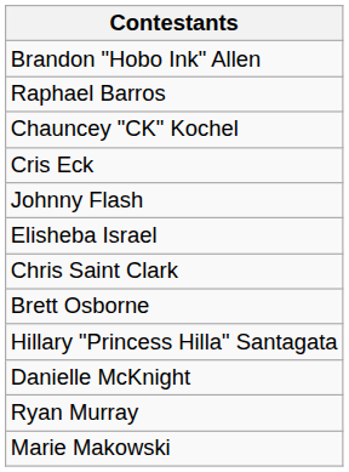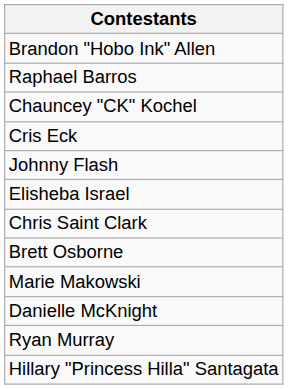 <table class="wikitable">
 <tr>
 <th>Contestants</th>
 </tr>
 <tr>
 <td>Brandon "Hobo Ink" Allen</td>
 </tr>
 <tr>
 <td>Raphael Barros</td>
 </tr>
 <tr>
 <td>Chauncey "CK" Kochel</td>
 </tr>
 <tr>
 <td>Cris Eck</td>
 </tr>
 <tr>
 <td>Johnny Flash</td>
 </tr>
 <tr>
 <td>Elisheba Israel</td>
 </tr>
 <tr>
 <td>Chris Saint Clark</td>
 </tr>
 <tr>
 <td>Brett Osborne</td>
 </tr>
 <tr>
-<td>Hillary "Princess Hilla" Santagata</td>
+<td>Marie Makowski</td>
 </tr>
 <tr>
 <td>Danielle McKnight</td>
 </tr>
 <tr>
 <td>Ryan Murray</td>
 </tr>
 <tr>
-<td>Marie Makowski</td>
+<td>Hillary "Princess Hilla" Santagata</td>
 </tr>
 </table>
